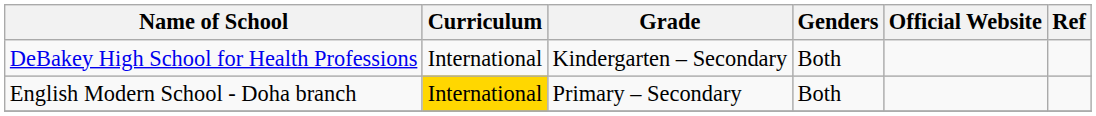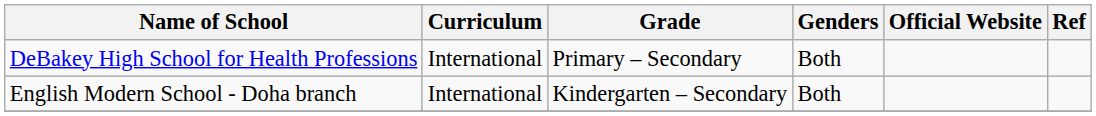 <table class="wikitable">
 <tr>
 <th>Name of School</th>
 <th>Curriculum</th>
 <th>Grade</th>
 <th>Genders</th>
 <th>Official Website</th>
 <th>Ref</th>
 </tr>
 <tr>
 <td><a href='#'>DeBakey High School for Health Professions</a></td>
 <td>International</td>
-<td>Kindergarten – Secondary</td>
+<td>Primary – Secondary</td>
 <td>Both</td>
 <td></td>
 <td></td>
 </tr>
 <tr>
 <td>English Modern School - Doha branch</td>
-<td style="background: gold;">International</td>
-<td>Primary – Secondary</td>
+<td>International</td>
+<td>Kindergarten – Secondary</td>
 <td>Both</td>
 <td></td>
 <td></td>
 </tr>
 <tr>
 </tr>
 </table>
